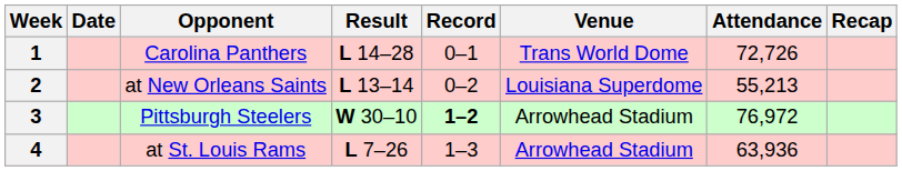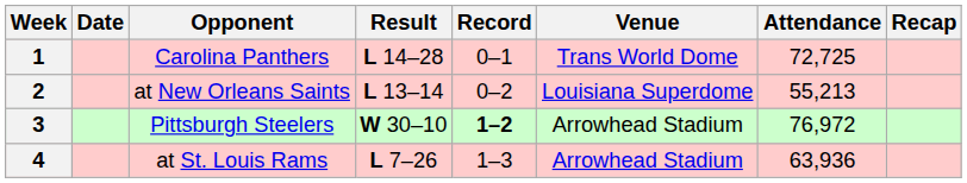 <table class="wikitable" style="text-align:center">
 <tr>
 <th>Week</th>
 <th>Date</th>
 <th>Opponent</th>
 <th>Result</th>
 <th>Record</th>
 <th>Venue</th>
 <th>Attendance</th>
 <th>Recap</th>
 </tr>
 <tr style="background:#fcc">
 <th>1</th>
 <td></td>
 <td><a href='#'>Carolina Panthers</a></td>
 <td><strong>L</strong> 14–28</td>
 <td>0–1</td>
 <td><a href='#'>Trans World Dome</a></td>
-<td>72,726</td>
+<td>72,725</td>
 <td></td>
 </tr>
 <tr style="background:#fcc">
 <th>2</th>
 <td></td>
 <td>at <a href='#'>New Orleans Saints</a></td>
 <td><strong>L</strong> 13–14</td>
 <td>0–2</td>
 <td><a href='#'>Louisiana Superdome</a></td>
 <td>55,213</td>
 <td></td>
 </tr>
 <tr style="background:#cfc">
 <th>3</th>
 <td></td>
 <td><a href='#'>Pittsburgh Steelers</a></td>
 <td><strong>W</strong> 30–10</td>
 <td><strong>1–2</strong></td>
 <td>Arrowhead Stadium</td>
 <td>76,972</td>
 <td></td>
 </tr>
 <tr style="background:#fcc">
 <th>4</th>
 <td></td>
 <td>at <a href='#'>St. Louis Rams</a></td>
 <td><strong>L</strong> 7–26</td>
 <td>1–3</td>
 <td><a href='#'>Arrowhead Stadium</a></td>
 <td>63,936</td>
 <td></td>
 </tr>
 </table>
